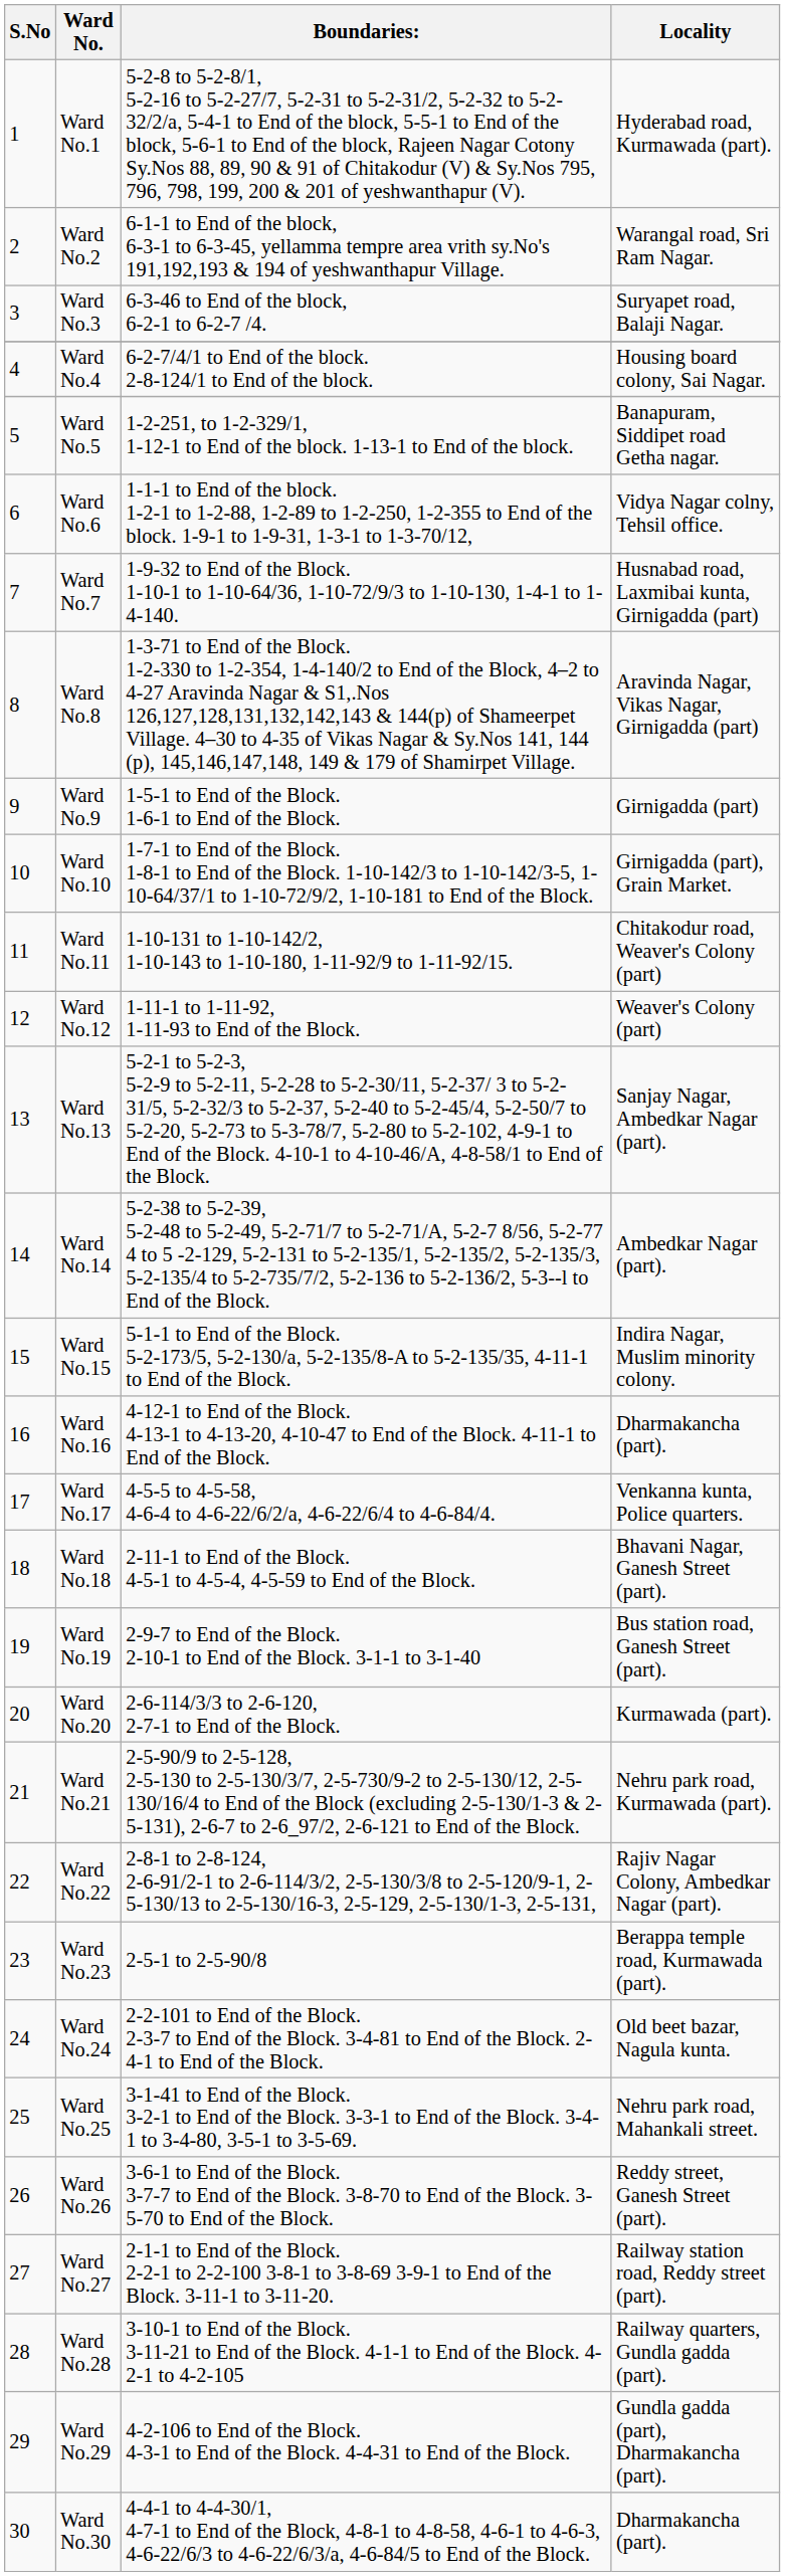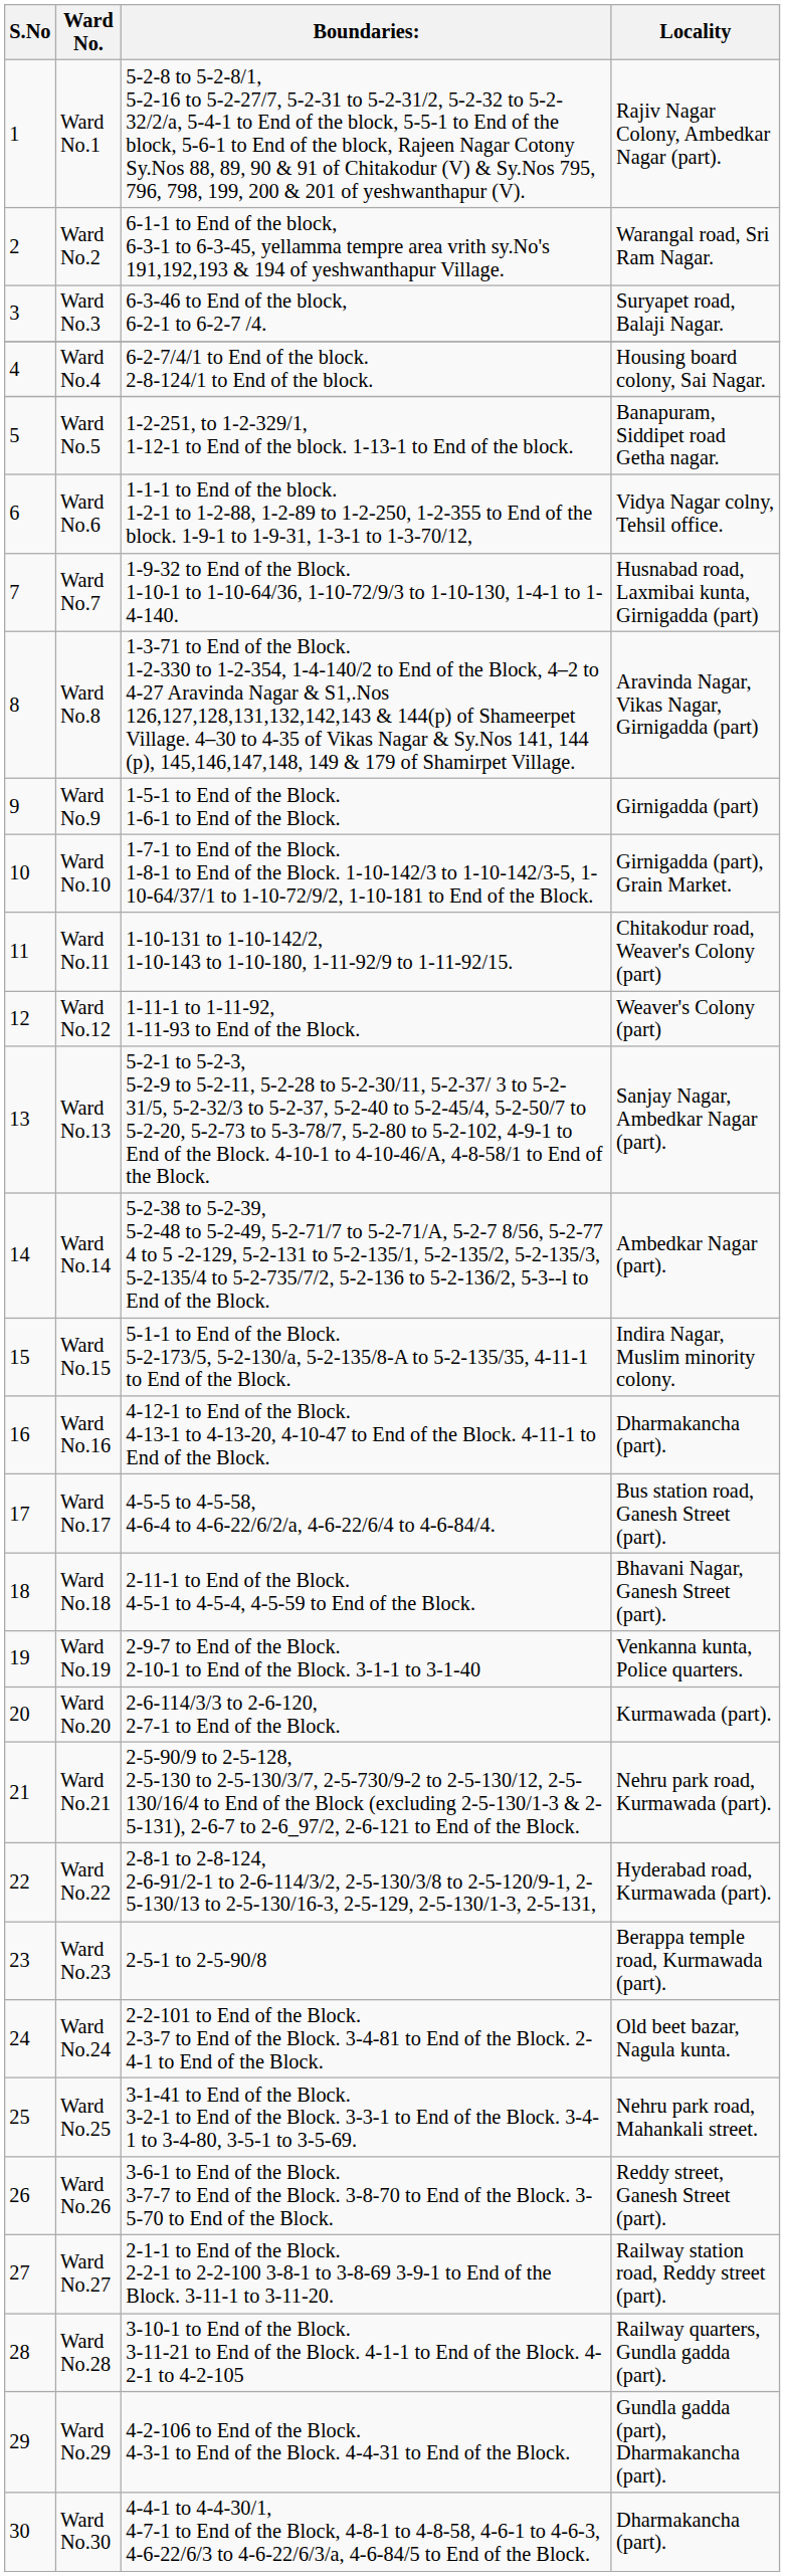 <table class="wikitable">
 <tr>
 <th>S.No</th>
 <th>Ward No.</th>
 <th>Boundaries:</th>
 <th>Locality</th>
 </tr>
 <tr>
 <td>1</td>
 <td>Ward No.1</td>
 <td>5-2-8 to 5-2-8/1,<br>5-2-16 to 5-2-27/7, 5-2-31 to 5-2-31/2, 5-2-32 to 5-2-32/2/a, 5-4-1 to End of the block, 5-5-1 to End of the block, 5-6-1 to End of the block, Rajeen Nagar Cotony Sy.Nos 88, 89, 90 & 91 of Chitakodur (V) & Sy.Nos 795, 796, 798, 199, 200 & 201 of yeshwanthapur (V).</td>
-<td>Hyderabad road, Kurmawada (part).</td>
+<td>Rajiv Nagar Colony, Ambedkar Nagar (part).</td>
 </tr>
 <tr>
 <td>2</td>
 <td>Ward No.2</td>
 <td>6-1-1 to End of the block,<br>6-3-1 to 6-3-45, yellamma tempre area vrith sy.No's 191,192,193 & 194 of yeshwanthapur Village.</td>
 <td>Warangal road, Sri Ram Nagar.</td>
 </tr>
 <tr>
 <td>3</td>
 <td>Ward No.3</td>
 <td>6-3-46 to End of the block,<br>6-2-1 to 6-2-7 /4.</td>
 <td>Suryapet road, Balaji Nagar.</td>
 </tr>
 <tr>
 </tr>
 <tr>
 <td>4</td>
 <td>Ward No.4</td>
 <td>6-2-7/4/1 to End of the block.<br>2-8-124/1 to End of the block.</td>
 <td>Housing board colony, Sai Nagar.</td>
 </tr>
 <tr>
 </tr>
 <tr>
 <td>5</td>
 <td>Ward No.5</td>
 <td>1-2-251, to 1-2-329/1,<br>1-12-1 to End of the block. 1-13-1 to End of the block.</td>
 <td>Banapuram, Siddipet road Getha nagar.</td>
 </tr>
 <tr>
 <td>6</td>
 <td>Ward No.6</td>
 <td>1-1-1 to End of the block.<br>1-2-1 to 1-2-88, 1-2-89 to 1-2-250, 1-2-355 to End of the block. 1-9-1 to 1-9-31, 1-3-1 to 1-3-70/12,</td>
 <td>Vidya Nagar colny, Tehsil office.</td>
 </tr>
 <tr>
 <td>7</td>
 <td>Ward No.7</td>
 <td>1-9-32 to End of the Block.<br>1-10-1 to 1-10-64/36, 1-10-72/9/3 to 1-10-130, 1-4-1 to 1-4-140.</td>
 <td>Husnabad road, Laxmibai kunta, Girnigadda (part)</td>
 </tr>
 <tr>
 <td>8</td>
 <td>Ward No.8</td>
 <td>1-3-71 to End of the Block.<br>1-2-330 to 1-2-354, 1-4-140/2 to End of the Block, 4–2 to 4-27 Aravinda Nagar & S1,.Nos 126,127,128,131,132,142,143 & 144(p) of Shameerpet Village. 4–30 to 4-35 of Vikas Nagar & Sy.Nos 141, 144 (p), 145,146,147,148, 149 & 179 of Shamirpet Village.</td>
 <td>Aravinda Nagar, Vikas Nagar, Girnigadda (part)</td>
 </tr>
 <tr>
 <td>9</td>
 <td>Ward No.9</td>
 <td>1-5-1 to End of the Block.<br>1-6-1 to End of the Block.</td>
 <td>Girnigadda (part)</td>
 </tr>
 <tr>
 <td>10</td>
 <td>Ward No.10</td>
 <td>1-7-1 to End of the Block.<br>1-8-1 to End of the Block. 1-10-142/3 to 1-10-142/3-5, 1-10-64/37/1 to 1-10-72/9/2, 1-10-181 to End of the Block.</td>
 <td>Girnigadda (part), Grain Market.</td>
 </tr>
 <tr>
 <td>11</td>
 <td>Ward No.11</td>
 <td>1-10-131 to 1-10-142/2,<br>1-10-143 to 1-10-180, 1-11-92/9 to 1-11-92/15.</td>
 <td>Chitakodur road, Weaver's Colony (part)</td>
 </tr>
 <tr>
 <td>12</td>
 <td>Ward No.12</td>
 <td>1-11-1 to 1-11-92,<br>1-11-93 to End of the Block.</td>
 <td>Weaver's Colony (part)</td>
 </tr>
 <tr>
 <td>13</td>
 <td>Ward No.13</td>
 <td>5-2-1 to 5-2-3,<br>5-2-9 to 5-2-11, 5-2-28 to 5-2-30/11, 5-2-37/ 3 to 5-2-31/5, 5-2-32/3 to 5-2-37, 5-2-40 to 5-2-45/4, 5-2-50/7 to 5-2-20, 5-2-73 to 5-3-78/7, 5-2-80 to 5-2-102, 4-9-1 to End of the Block. 4-10-1 to 4-10-46/A, 4-8-58/1 to End of the Block.</td>
 <td>Sanjay Nagar, Ambedkar Nagar (part).</td>
 </tr>
 <tr>
 <td>14</td>
 <td>Ward No.14</td>
 <td>5-2-38 to 5-2-39,<br>5-2-48 to 5-2-49, 5-2-71/7 to 5-2-71/A, 5-2-7 8/56, 5-2-77 4 to 5 -2-129, 5-2-131 to 5-2-135/1, 5-2-135/2, 5-2-135/3, 5-2-135/4 to 5-2-735/7/2, 5-2-136 to 5-2-136/2, 5-3--l to End of the Block.</td>
 <td>Ambedkar Nagar (part).</td>
 </tr>
 <tr>
 <td>15</td>
 <td>Ward No.15</td>
 <td>5-1-1 to  End of the Block.<br>5-2-173/5, 5-2-130/a, 5-2-135/8-A to 5-2-135/35, 4-11-1 to End of the Block.</td>
 <td>Indira Nagar, Muslim minority colony.</td>
 </tr>
 <tr>
 <td>16</td>
 <td>Ward No.16</td>
 <td>4-12-1 to End of the Block.<br>4-13-1 to 4-13-20, 4-10-47 to End of the Block. 4-11-1 to End of the Block.</td>
 <td>Dharmakancha (part).</td>
 </tr>
 <tr>
 <td>17</td>
 <td>Ward No.17</td>
 <td>4-5-5 to 4-5-58,<br>4-6-4 to 4-6-22/6/2/a, 4-6-22/6/4 to 4-6-84/4.</td>
-<td>Venkanna kunta, Police quarters.</td>
+<td>Bus station road, Ganesh Street (part).</td>
 </tr>
 <tr>
 <td>18</td>
 <td>Ward No.18</td>
 <td>2-11-1 to End of the Block.<br>4-5-1 to 4-5-4, 4-5-59 to End of the Block.</td>
 <td>Bhavani Nagar, Ganesh Street (part).</td>
 </tr>
 <tr>
 <td>19</td>
 <td>Ward No.19</td>
 <td>2-9-7 to End of the Block.<br>2-10-1 to End of the Block. 3-1-1 to 3-1-40</td>
-<td>Bus station road, Ganesh Street (part).</td>
+<td>Venkanna kunta, Police quarters.</td>
 </tr>
 <tr>
 <td>20</td>
 <td>Ward No.20</td>
 <td>2-6-114/3/3 to 2-6-120,<br>2-7-1 to End of the Block.</td>
 <td>Kurmawada (part).</td>
 </tr>
 <tr>
 <td>21</td>
 <td>Ward No.21</td>
 <td>2-5-90/9 to 2-5-128,<br>2-5-130 to 2-5-130/3/7, 2-5-730/9-2 to 2-5-130/12, 2-5-130/16/4 to End of the Block (excluding 2-5-130/1-3 & 2-5-131), 2-6-7 to 2-6_97/2, 2-6-121 to End of the Block.</td>
 <td>Nehru park road, Kurmawada (part).</td>
 </tr>
 <tr>
 <td>22</td>
 <td>Ward No.22</td>
 <td>2-8-1 to 2-8-124,<br>2-6-91/2-1 to 2-6-114/3/2, 2-5-130/3/8 to 2-5-120/9-1, 2-5-130/13 to 2-5-130/16-3, 2-5-129, 2-5-130/1-3, 2-5-131,</td>
-<td>Rajiv Nagar Colony, Ambedkar Nagar (part).</td>
+<td>Hyderabad road, Kurmawada (part).</td>
 </tr>
 <tr>
 <td>23</td>
 <td>Ward No.23</td>
 <td>2-5-1 to 2-5-90/8</td>
 <td>Berappa temple road, Kurmawada (part).</td>
 </tr>
 <tr>
 <td>24</td>
 <td>Ward No.24</td>
 <td>2-2-101 to End of the Block.<br>2-3-7 to End of the Block. 3-4-81 to End of the Block. 2-4-1 to End of the Block.</td>
 <td>Old beet bazar, Nagula kunta.</td>
 </tr>
 <tr>
 <td>25</td>
 <td>Ward No.25</td>
 <td>3-1-41 to End of the Block.<br>3-2-1 to End of the Block. 3-3-1 to End of the Block. 3-4-1 to 3-4-80, 3-5-1 to 3-5-69.</td>
 <td>Nehru park road, Mahankali street.</td>
 </tr>
 <tr>
 <td>26</td>
 <td>Ward No.26</td>
 <td>3-6-1 to End of the Block.<br>3-7-7 to End of the Block. 3-8-70 to End of the Block. 3-5-70 to End of the Block.</td>
 <td>Reddy street, Ganesh Street (part).</td>
 </tr>
 <tr>
 <td>27</td>
 <td>Ward No.27</td>
 <td>2-1-1 to End of the Block.<br>2-2-1 to 2-2-100 3-8-1 to 3-8-69 3-9-1 to End of the Block. 3-11-1 to 3-11-20.</td>
 <td>Railway station road, Reddy street (part).</td>
 </tr>
 <tr>
 <td>28</td>
 <td>Ward No.28</td>
 <td>3-10-1 to End of the Block.<br>3-11-21 to End of the Block. 4-1-1 to End of the Block. 4-2-1 to 4-2-105</td>
 <td>Railway quarters, Gundla gadda (part).</td>
 </tr>
 <tr>
 <td>29</td>
 <td>Ward No.29</td>
 <td>4-2-106 to End of the Block.<br>4-3-1 to End of the Block. 4-4-31 to End of the Block.</td>
 <td>Gundla gadda (part), Dharmakancha (part).</td>
 </tr>
 <tr>
 <td>30</td>
 <td>Ward No.30</td>
 <td>4-4-1 to 4-4-30/1,<br>4-7-1 to End of the Block, 4-8-1 to 4-8-58, 4-6-1 to 4-6-3, 4-6-22/6/3 to 4-6-22/6/3/a, 4-6-84/5 to End of the Block.</td>
 <td>Dharmakancha (part).</td>
 </tr>
 </table>
